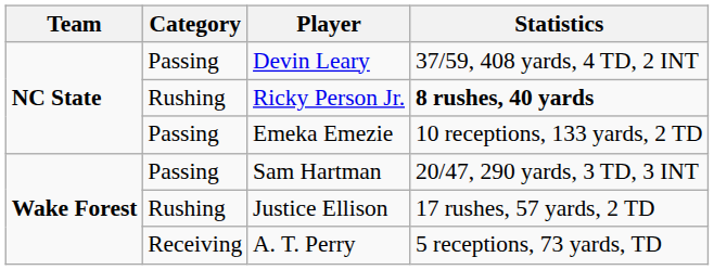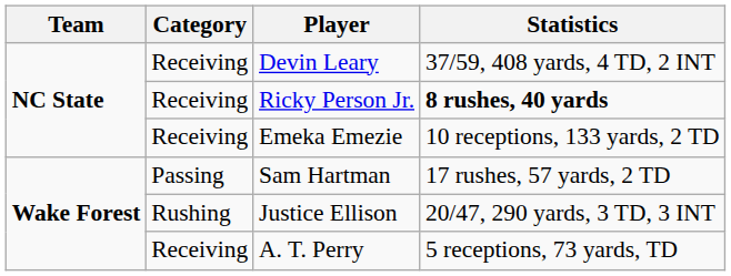 <table class="wikitable" style="float: right;">
 <tr>
 <th>Team</th>
 <th>Category</th>
 <th>Player</th>
 <th>Statistics</th>
 </tr>
 <tr>
 <td rowspan=3><strong>NC State</strong></td>
-<td>Passing</td>
+<td>Receiving</td>
 <td><a href='#'>Devin Leary</a></td>
 <td>37/59, 408 yards, 4 TD, 2 INT</td>
 </tr>
 <tr>
-<td>Rushing</td>
+<td>Receiving</td>
 <td><a href='#'>Ricky Person Jr.</a></td>
 <td><strong>8 rushes, 40 yards</strong></td>
 </tr>
 <tr>
-<td>Passing</td>
+<td>Receiving</td>
 <td>Emeka Emezie</td>
 <td>10 receptions, 133 yards, 2 TD</td>
 </tr>
 <tr>
 <td rowspan=3><strong>Wake Forest</strong></td>
 <td>Passing</td>
 <td>Sam Hartman</td>
-<td>20/47, 290 yards, 3 TD, 3 INT</td>
+<td>17 rushes, 57 yards, 2 TD</td>
 </tr>
 <tr>
 <td>Rushing</td>
 <td>Justice Ellison</td>
-<td>17 rushes, 57 yards, 2 TD</td>
+<td>20/47, 290 yards, 3 TD, 3 INT</td>
 </tr>
 <tr>
 <td>Receiving</td>
 <td>A. T. Perry</td>
 <td>5 receptions, 73 yards, TD</td>
 </tr>
 </table>
